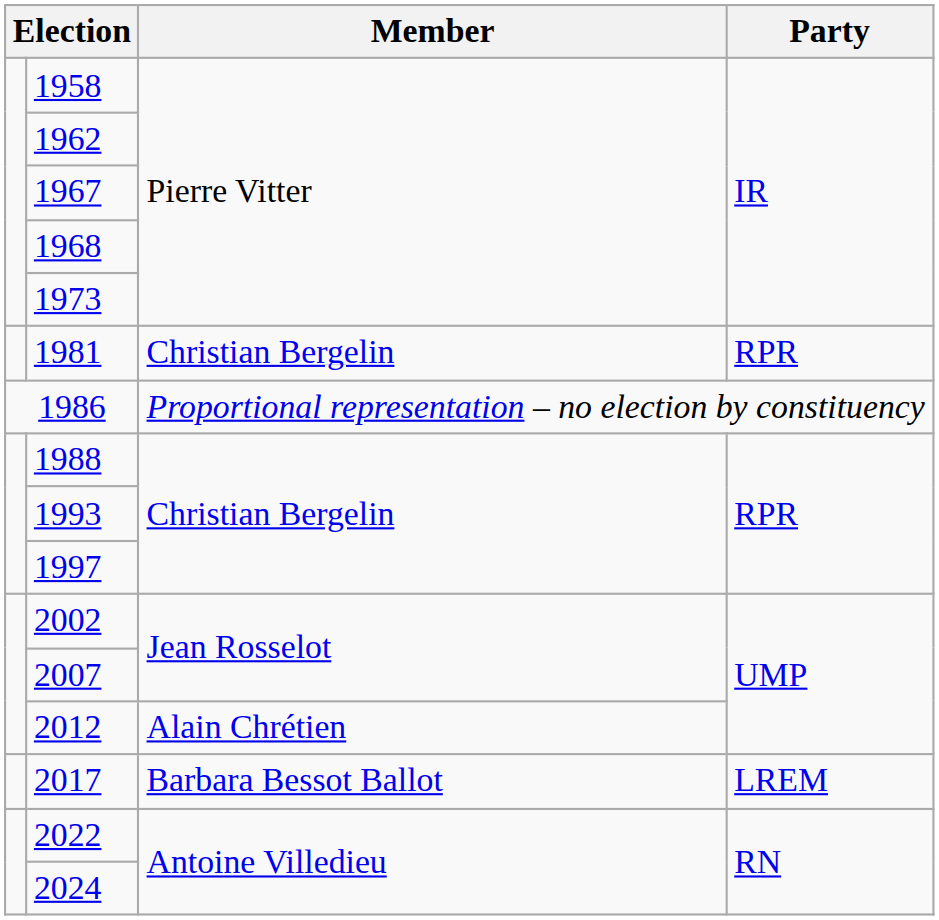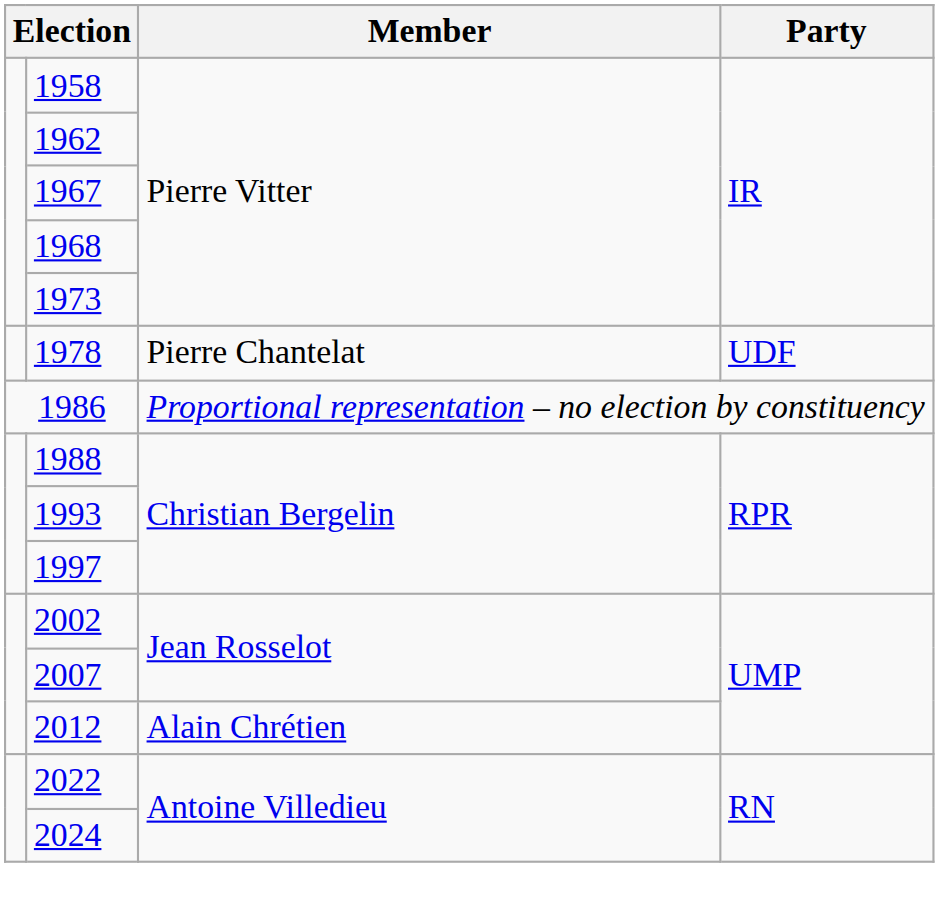 <table class="wikitable">
 <tr>
 <th colspan="2">Election</th>
 <th>Member</th>
 <th>Party</th>
 </tr>
 <tr>
 <td rowspan="5" style="background-color: "></td>
 <td><a href='#'>1958</a></td>
 <td rowspan="5">Pierre Vitter</td>
 <td rowspan="5"><a href='#'>IR</a></td>
 </tr>
 <tr>
 <td><a href='#'>1962</a></td>
 </tr>
 <tr>
 <td><a href='#'>1967</a></td>
 </tr>
 <tr>
 <td><a href='#'>1968</a></td>
 </tr>
 <tr>
 <td><a href='#'>1973</a></td>
 </tr>
 <tr>
 <td style="background-color: "></td>
-<td><a href='#'>1981</a></td>
-<td><a href='#'>Christian Bergelin</a></td>
-<td><a href='#'>RPR</a></td>
+<td><a href='#'>1978</a></td>
+<td>Pierre Chantelat</td>
+<td><a href='#'>UDF</a></td>
 </tr>
 <tr>
 <td colspan="2" align="center"><a href='#'>1986</a></td>
 <td colspan="2"><em><a href='#'>Proportional representation</a> – no election by constituency</em></td>
 </tr>
 <tr>
 <td rowspan="3" style="background-color: "></td>
 <td><a href='#'>1988</a></td>
 <td rowspan="3"><a href='#'>Christian Bergelin</a></td>
 <td rowspan="3"><a href='#'>RPR</a></td>
 </tr>
 <tr>
 <td><a href='#'>1993</a></td>
 </tr>
 <tr>
 <td><a href='#'>1997</a></td>
 </tr>
 <tr>
 <td rowspan="3" style="background-color: "></td>
 <td><a href='#'>2002</a></td>
 <td rowspan="2"><a href='#'>Jean Rosselot</a></td>
 <td rowspan="3"><a href='#'>UMP</a></td>
 </tr>
 <tr>
 <td><a href='#'>2007</a></td>
 </tr>
 <tr>
 <td><a href='#'>2012</a></td>
 <td><a href='#'>Alain Chrétien</a></td>
 </tr>
 <tr>
-<td style="background-color: "></td>
-<td><a href='#'>2017</a></td>
-<td><a href='#'>Barbara Bessot Ballot</a></td>
-<td><a href='#'>LREM</a></td>
-</tr>
-<tr>
 <td rowspan=2 style="background-color: "></td>
 <td><a href='#'>2022</a></td>
 <td rowspan=2><a href='#'>Antoine Villedieu</a></td>
 <td rowspan=2><a href='#'>RN</a></td>
 </tr>
 <tr>
 <td><a href='#'>2024</a></td>
 </tr>
 </table>
